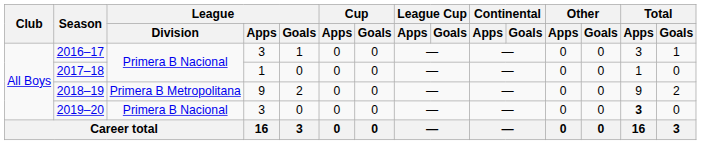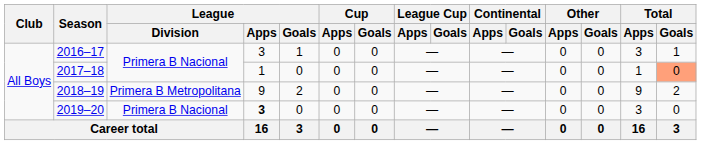 <table class="wikitable" style="text-align:center">
 <tr>
 <th rowspan="2">Club</th>
 <th rowspan="2">Season</th>
 <th colspan="3">League</th>
 <th colspan="2">Cup</th>
 <th colspan="2">League Cup</th>
 <th colspan="2">Continental</th>
 <th colspan="2">Other</th>
 <th colspan="2">Total</th>
 </tr>
 <tr>
 <th>Division</th>
 <th>Apps</th>
 <th>Goals</th>
 <th>Apps</th>
 <th>Goals</th>
 <th>Apps</th>
 <th>Goals</th>
 <th>Apps</th>
 <th>Goals</th>
 <th>Apps</th>
 <th>Goals</th>
 <th>Apps</th>
 <th>Goals</th>
 </tr>
 <tr>
 <td rowspan="4"><a href='#'>All Boys</a></td>
 <td><a href='#'>2016–17</a></td>
 <td rowspan="2"><a href='#'>Primera B Nacional</a></td>
 <td>3</td>
 <td>1</td>
 <td>0</td>
 <td>0</td>
 <td colspan="2">—</td>
 <td colspan="2">—</td>
 <td>0</td>
 <td>0</td>
 <td>3</td>
 <td>1</td>
 </tr>
 <tr>
 <td><a href='#'>2017–18</a></td>
 <td>1</td>
 <td>0</td>
 <td>0</td>
 <td>0</td>
 <td colspan="2">—</td>
 <td colspan="2">—</td>
 <td>0</td>
 <td>0</td>
 <td>1</td>
-<td>0</td>
+<td style="background: lightsalmon;">0</td>
 </tr>
 <tr>
 <td><a href='#'>2018–19</a></td>
 <td rowspan="1"><a href='#'>Primera B Metropolitana</a></td>
 <td>9</td>
 <td>2</td>
 <td>0</td>
 <td>0</td>
 <td colspan="2">—</td>
 <td colspan="2">—</td>
 <td>0</td>
 <td>0</td>
 <td>9</td>
 <td>2</td>
 </tr>
 <tr>
 <td><a href='#'>2019–20</a></td>
 <td rowspan="1"><a href='#'>Primera B Nacional</a></td>
-<td>3</td>
+<td><strong>3</strong></td>
 <td>0</td>
 <td>0</td>
 <td>0</td>
 <td colspan="2">—</td>
 <td colspan="2">—</td>
 <td>0</td>
 <td>0</td>
-<td><strong>3</strong></td>
+<td>3</td>
 <td>0</td>
 </tr>
 <tr>
 <th colspan="3">Career total</th>
 <th>16</th>
 <th>3</th>
 <th>0</th>
 <th>0</th>
 <th colspan="2">—</th>
 <th colspan="2">—</th>
 <th>0</th>
 <th>0</th>
 <th>16</th>
 <th>3</th>
 </tr>
 </table>
